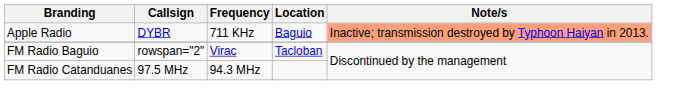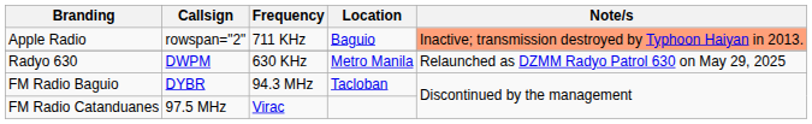 <table class="wikitable">
 <tr>
 <th>Branding</th>
 <th>Callsign</th>
 <th>Frequency</th>
 <th>Location</th>
 <th>Note/s</th>
 </tr>
 <tr>
 <td>Apple Radio</td>
-<td><a href='#'>DYBR</a></td>
+<td>rowspan="2" </td>
 <td>711 KHz</td>
 <td><a href='#'>Baguio</a></td>
 <td style="background: lightsalmon;">Inactive; transmission destroyed by <a href='#'>Typhoon Haiyan</a> in 2013.</td>
 </tr>
 <tr>
 </tr>
 <tr>
+<td>Radyo 630</td>
+<td><a href='#'>DWPM</a></td>
+<td>630 KHz</td>
+<td><a href='#'>Metro Manila</a></td>
+<td>Relaunched as <a href='#'>DZMM Radyo Patrol 630</a> on May 29, 2025</td>
+</tr>
+<tr>
 <td>FM Radio Baguio</td>
-<td>rowspan="2" </td>
-<td><a href='#'>Virac</a></td>
+<td><a href='#'>DYBR</a></td>
+<td>94.3 MHz</td>
 <td><a href='#'>Tacloban</a></td>
 <td rowspan="2">Discontinued by the management</td>
 </tr>
 <tr>
 <td>FM Radio Catanduanes</td>
 <td>97.5 MHz</td>
-<td>94.3 MHz</td>
+<td><a href='#'>Virac</a></td>
 </tr>
 </table>
